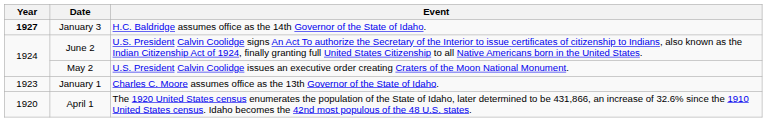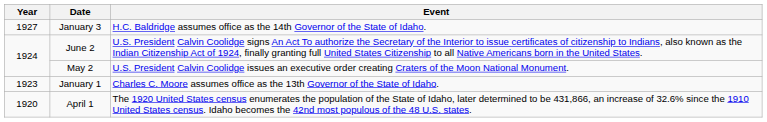 <table class="wikitable" style="width:100%;">
 <tr>
 <th style="width:6%">Year</th>
 <th style="width:8%">Date</th>
 <th style="width:86%">Event</th>
 </tr>
 <tr>
-<td align=center rowspan=1><strong>1927</strong></td>
+<td align=center rowspan=1>1927</td>
 <td align=center>January 3</td>
 <td><a href='#'>H.C. Baldridge</a> assumes office as the 14th <a href='#'>Governor of the State of Idaho</a>.</td>
 </tr>
 <tr>
 <td align=center rowspan=2>1924</td>
 <td align=center>June 2</td>
 <td><a href='#'>U.S. President</a> <a href='#'>Calvin Coolidge</a> signs <a href='#'>An Act To authorize the Secretary of the Interior to issue certificates of citizenship to Indians</a>, also known as the <a href='#'>Indian Citizenship Act of 1924</a>, finally granting full <a href='#'>United States Citizenship</a> to all <a href='#'>Native Americans born in the United States</a>.</td>
 </tr>
 <tr>
 <td align=center>May 2</td>
 <td><a href='#'>U.S. President</a> <a href='#'>Calvin Coolidge</a> issues an executive order creating <a href='#'>Craters of the Moon National Monument</a>.</td>
 </tr>
 <tr>
 <td align=center rowspan=1>1923</td>
 <td align=center>January 1</td>
 <td><a href='#'>Charles C. Moore</a> assumes office as the 13th <a href='#'>Governor of the State of Idaho</a>.</td>
 </tr>
 <tr>
 <td align=center rowspan=1>1920</td>
 <td align=center>April 1</td>
 <td>The <a href='#'>1920 United States census</a> enumerates the population of the State of Idaho, later determined to be 431,866, an increase of 32.6% since the <a href='#'>1910 United States census</a>. Idaho becomes the <a href='#'>42nd most populous of the 48 U.S. states</a>.</td>
 </tr>
 </table>
